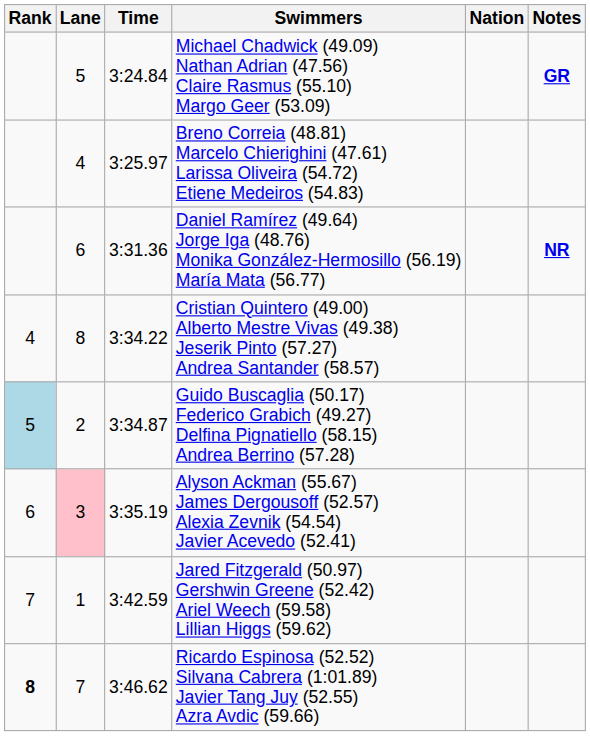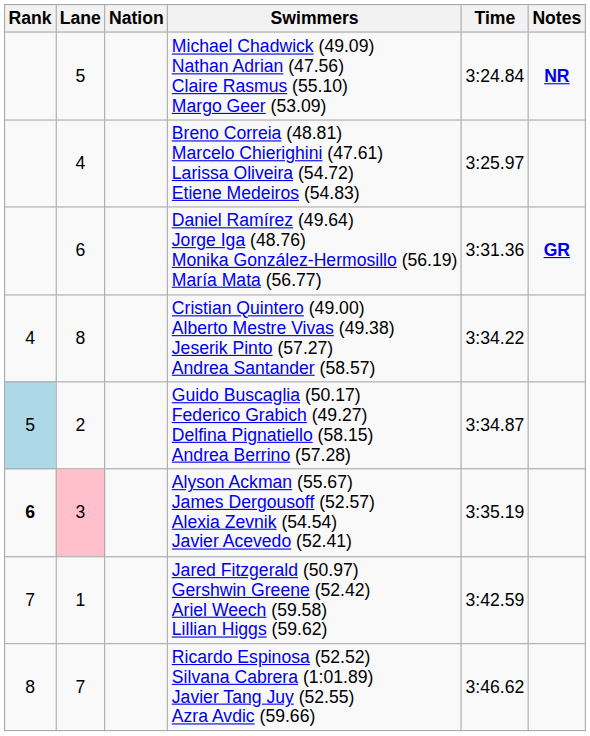 <table class="wikitable sortable" style="text-align:center">
 <tr>
 <th>Rank</th>
 <th>Lane</th>
+<th>Nation</th>
+<th>Swimmers</th>
 <th>Time</th>
-<th>Swimmers</th>
-<th>Nation</th>
 <th>Notes</th>
 </tr>
 <tr>
 <td></td>
 <td>5</td>
+<td align="left"></td>
+<td align="left"><a href='#'>Michael Chadwick</a> (49.09)<br><a href='#'>Nathan Adrian</a> (47.56)<br><a href='#'>Claire Rasmus</a> (55.10)<br><a href='#'>Margo Geer</a> (53.09)</td>
 <td>3:24.84</td>
-<td align="left"><a href='#'>Michael Chadwick</a> (49.09)<br><a href='#'>Nathan Adrian</a> (47.56)<br><a href='#'>Claire Rasmus</a> (55.10)<br><a href='#'>Margo Geer</a> (53.09)</td>
-<td align="left"></td>
-<td><strong><a href='#'>GR</a></strong></td>
+<td><strong><a href='#'>NR</a></strong></td>
 </tr>
 <tr>
 <td></td>
 <td>4</td>
+<td align="left"></td>
+<td align="left"><a href='#'>Breno Correia</a> (48.81)<br><a href='#'>Marcelo Chierighini</a> (47.61)<br><a href='#'>Larissa Oliveira</a> (54.72)<br><a href='#'>Etiene Medeiros</a> (54.83)</td>
 <td>3:25.97</td>
-<td align="left"><a href='#'>Breno Correia</a> (48.81)<br><a href='#'>Marcelo Chierighini</a> (47.61)<br><a href='#'>Larissa Oliveira</a> (54.72)<br><a href='#'>Etiene Medeiros</a> (54.83)</td>
-<td align="left"></td>
 <td></td>
 </tr>
 <tr>
 <td></td>
 <td>6</td>
+<td align="left"></td>
+<td align="left"><a href='#'>Daniel Ramírez</a> (49.64)<br><a href='#'>Jorge Iga</a> (48.76)<br><a href='#'>Monika González-Hermosillo</a> (56.19)<br><a href='#'>María Mata</a> (56.77)</td>
 <td>3:31.36</td>
-<td align="left"><a href='#'>Daniel Ramírez</a> (49.64)<br><a href='#'>Jorge Iga</a> (48.76)<br><a href='#'>Monika González-Hermosillo</a> (56.19)<br><a href='#'>María Mata</a> (56.77)</td>
-<td align="left"></td>
-<td><strong><a href='#'>NR</a></strong></td>
+<td><strong><a href='#'>GR</a></strong></td>
 </tr>
 <tr>
 <td>4</td>
 <td>8</td>
+<td align="left"></td>
+<td align="left"><a href='#'>Cristian Quintero</a> (49.00)<br><a href='#'>Alberto Mestre Vivas</a> (49.38)<br><a href='#'>Jeserik Pinto</a> (57.27)<br><a href='#'>Andrea Santander</a> (58.57)</td>
 <td>3:34.22</td>
-<td align="left"><a href='#'>Cristian Quintero</a> (49.00)<br><a href='#'>Alberto Mestre Vivas</a> (49.38)<br><a href='#'>Jeserik Pinto</a> (57.27)<br><a href='#'>Andrea Santander</a> (58.57)</td>
-<td align="left"></td>
 <td></td>
 </tr>
 <tr>
 <td style="background: lightblue;">5</td>
 <td>2</td>
+<td align="left"></td>
+<td align="left"><a href='#'>Guido Buscaglia</a> (50.17)<br> <a href='#'>Federico Grabich</a> (49.27)<br><a href='#'>Delfina Pignatiello</a> (58.15)<br><a href='#'>Andrea Berrino</a> (57.28)</td>
 <td>3:34.87</td>
-<td align="left"><a href='#'>Guido Buscaglia</a> (50.17)<br> <a href='#'>Federico Grabich</a> (49.27)<br><a href='#'>Delfina Pignatiello</a> (58.15)<br><a href='#'>Andrea Berrino</a> (57.28)</td>
-<td align="left"></td>
 <td></td>
 </tr>
 <tr>
-<td>6</td>
+<td><strong>6</strong></td>
 <td style="background: pink;">3</td>
+<td align="left"></td>
+<td align="left"><a href='#'>Alyson Ackman</a> (55.67)<br><a href='#'>James Dergousoff</a> (52.57)<br><a href='#'>Alexia Zevnik</a> (54.54)<br><a href='#'>Javier Acevedo</a> (52.41)</td>
 <td>3:35.19</td>
-<td align="left"><a href='#'>Alyson Ackman</a> (55.67)<br><a href='#'>James Dergousoff</a> (52.57)<br><a href='#'>Alexia Zevnik</a> (54.54)<br><a href='#'>Javier Acevedo</a> (52.41)</td>
-<td align="left"></td>
 <td></td>
 </tr>
 <tr>
 <td>7</td>
 <td>1</td>
+<td align="left"></td>
+<td align="left"><a href='#'>Jared Fitzgerald</a> (50.97)<br><a href='#'>Gershwin Greene</a> (52.42)<br><a href='#'>Ariel Weech</a> (59.58)<br><a href='#'>Lillian Higgs</a> (59.62)</td>
 <td>3:42.59</td>
-<td align="left"><a href='#'>Jared Fitzgerald</a> (50.97)<br><a href='#'>Gershwin Greene</a> (52.42)<br><a href='#'>Ariel Weech</a> (59.58)<br><a href='#'>Lillian Higgs</a> (59.62)</td>
-<td align="left"></td>
 <td></td>
 </tr>
 <tr>
-<td><strong>8</strong></td>
+<td>8</td>
 <td>7</td>
+<td align="left"></td>
+<td align="left"><a href='#'>Ricardo Espinosa</a> (52.52)<br><a href='#'>Silvana Cabrera</a> (1:01.89)<br><a href='#'>Javier Tang Juy</a> (52.55)<br><a href='#'>Azra Avdic</a> (59.66)</td>
 <td>3:46.62</td>
-<td align="left"><a href='#'>Ricardo Espinosa</a> (52.52)<br><a href='#'>Silvana Cabrera</a> (1:01.89)<br><a href='#'>Javier Tang Juy</a> (52.55)<br><a href='#'>Azra Avdic</a> (59.66)</td>
-<td align="left"></td>
 <td></td>
 </tr>
 </table>
